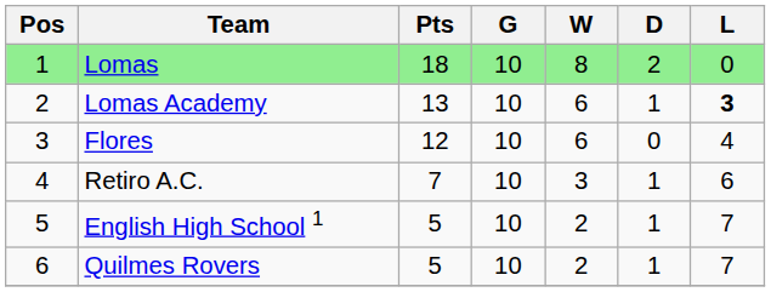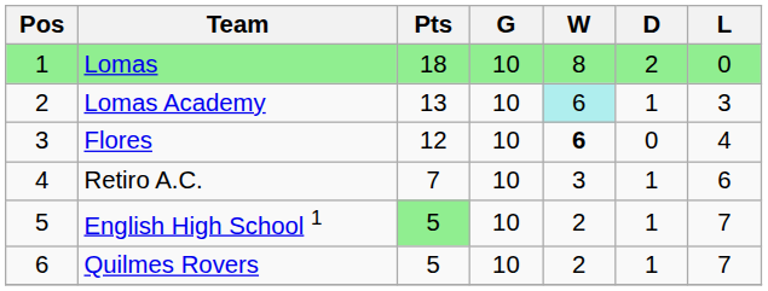 <table class="wikitable" style="text-align:center">
 <tr>
 <th width=40px>Pos</th>
 <th width=200px>Team</th>
 <th width=40px>Pts</th>
 <th width=40px>G</th>
 <th width=40px>W</th>
 <th width=40px>D</th>
 <th width=40px>L</th>
 </tr>
 <tr bgcolor="lightgreen">
 <td>1</td>
 <td align=left><a href='#'>Lomas</a></td>
 <td>18</td>
 <td>10</td>
 <td>8</td>
 <td>2</td>
 <td>0</td>
 </tr>
 <tr>
 <td>2</td>
 <td align=left><a href='#'>Lomas Academy</a></td>
 <td>13</td>
 <td>10</td>
-<td>6</td>
+<td style="background: paleturquoise;">6</td>
 <td>1</td>
-<td><strong>3</strong></td>
+<td>3</td>
 </tr>
 <tr>
 <td>3</td>
 <td align=left><a href='#'>Flores</a></td>
 <td>12</td>
 <td>10</td>
-<td>6</td>
+<td><strong>6</strong></td>
 <td>0</td>
 <td>4</td>
 </tr>
 <tr>
 <td>4</td>
 <td align=left>Retiro A.C.</td>
 <td>7</td>
 <td>10</td>
 <td>3</td>
 <td>1</td>
 <td>6</td>
 </tr>
 <tr>
 <td>5</td>
 <td align=left><a href='#'>English High School</a> <sup>1</sup></td>
-<td>5</td>
+<td style="background: lightgreen;">5</td>
 <td>10</td>
 <td>2</td>
 <td>1</td>
 <td>7</td>
 </tr>
 <tr>
 <td>6</td>
 <td align=left><a href='#'>Quilmes Rovers</a></td>
 <td>5</td>
 <td>10</td>
 <td>2</td>
 <td>1</td>
 <td>7</td>
 </tr>
 <tr>
 </tr>
 </table>
